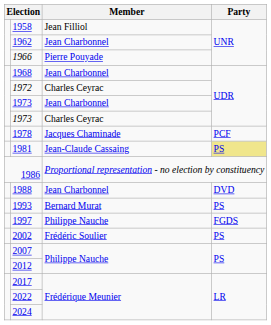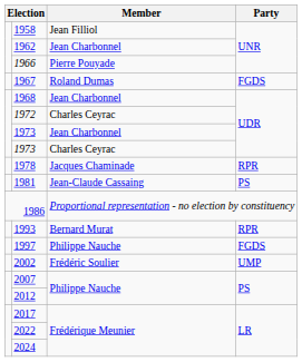 <table class="wikitable">
 <tr>
 <th colspan="2">Election</th>
 <th>Member</th>
 <th>Party</th>
 </tr>
 <tr>
 <td rowspan="3" style="color:inherit;background-color: "></td>
 <td><a href='#'>1958</a></td>
 <td>Jean Filliol</td>
 <td rowspan="3"><a href='#'>UNR</a></td>
 </tr>
 <tr>
 <td><a href='#'>1962</a></td>
 <td><a href='#'>Jean Charbonnel</a></td>
 </tr>
 <tr>
 <td><em>1966</em></td>
 <td><a href='#'>Pierre Pouyade</a></td>
+</tr>
+<tr>
+<td style="color:inherit;background-color: "></td>
+<td><a href='#'>1967</a></td>
+<td><a href='#'>Roland Dumas</a></td>
+<td><a href='#'>FGDS</a></td>
 </tr>
 <tr>
 <td rowspan="4" style="color:inherit;background-color: "></td>
 <td><a href='#'>1968</a></td>
 <td><a href='#'>Jean Charbonnel</a></td>
 <td rowspan="4"><a href='#'>UDR</a></td>
 </tr>
 <tr>
 <td><em>1972</em></td>
 <td>Charles Ceyrac</td>
 </tr>
 <tr>
 <td><a href='#'>1973</a></td>
 <td><a href='#'>Jean Charbonnel</a></td>
 </tr>
 <tr>
 <td><em>1973</em></td>
 <td>Charles Ceyrac</td>
 </tr>
 <tr>
 <td style="color:inherit;background-color: "></td>
 <td><a href='#'>1978</a></td>
 <td><a href='#'>Jacques Chaminade</a></td>
-<td><a href='#'>PCF</a></td>
+<td><a href='#'>RPR</a></td>
 </tr>
 <tr>
 <td style="color:inherit;background-color: "></td>
 <td><a href='#'>1981</a></td>
 <td><a href='#'>Jean-Claude Cassaing</a></td>
-<td style="background: khaki;"><a href='#'>PS</a></td>
+<td><a href='#'>PS</a></td>
 </tr>
 <tr>
 <td colspan="2" align="right"><br><a href='#'>1986</a></td>
 <td colspan="2"><em><a href='#'>Proportional representation</a> - no election by constituency</em></td>
 </tr>
 <tr>
 <td style="color:inherit;background-color: "></td>
-<td><a href='#'>1988</a></td>
-<td><a href='#'>Jean Charbonnel</a></td>
-<td><a href='#'>DVD</a></td>
-</tr>
-<tr>
-<td style="color:inherit;background-color: "></td>
 <td><a href='#'>1993</a></td>
 <td><a href='#'>Bernard Murat</a></td>
-<td><a href='#'>PS</a></td>
+<td><a href='#'>RPR</a></td>
 </tr>
 <tr>
 <td style="color:inherit;background-color: "></td>
 <td><a href='#'>1997</a></td>
 <td><a href='#'>Philippe Nauche</a></td>
 <td><a href='#'>FGDS</a></td>
 </tr>
 <tr>
 <td rowspan=1 style="color:inherit;background-color: "></td>
 <td><a href='#'>2002</a></td>
 <td rowspan=1><a href='#'>Frédéric Soulier</a></td>
-<td><a href='#'>PS</a></td>
+<td rowspan=1><a href='#'>UMP</a></td>
 </tr>
 <tr>
 <td rowspan=2 style="color:inherit;background-color: "></td>
 <td><a href='#'>2007</a></td>
 <td rowspan=2><a href='#'>Philippe Nauche</a></td>
 <td rowspan=2><a href='#'>PS</a></td>
 </tr>
 <tr>
 <td><a href='#'>2012</a></td>
 </tr>
 <tr>
 <td rowspan="3" style="color:inherit;background-color: "></td>
 <td><a href='#'>2017</a></td>
 <td rowspan="3"><a href='#'>Frédérique Meunier</a></td>
 <td rowspan="3"><a href='#'>LR</a></td>
 </tr>
 <tr>
 <td><a href='#'>2022</a></td>
 </tr>
 <tr>
 <td><a href='#'>2024</a></td>
 </tr>
 </table>
